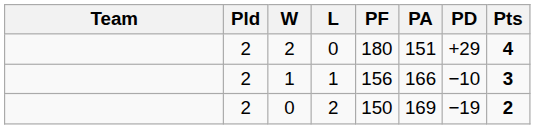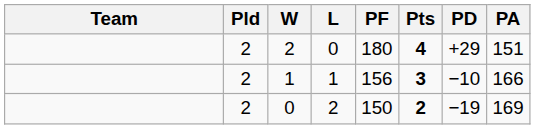 <table class=wikitable style="text-align:center">
 <tr>
 <th width=180>Team</th>
 <th width=30>Pld</th>
 <th width=30>W</th>
 <th width=30>L</th>
 <th width=30>PF</th>
+<th width=30>Pts</th>
+<th width=30>PD</th>
 <th width=30>PA</th>
-<th width=30>PD</th>
-<th width=30>Pts</th>
 </tr>
 <tr align=center>
 <td align=left></td>
 <td>2</td>
 <td>2</td>
 <td>0</td>
 <td>180</td>
+<td><strong>4</strong></td>
+<td>+29</td>
 <td>151</td>
-<td>+29</td>
-<td><strong>4</strong></td>
 </tr>
 <tr align=center>
 <td align=left></td>
 <td>2</td>
 <td>1</td>
 <td>1</td>
 <td>156</td>
+<td><strong>3</strong></td>
+<td>−10</td>
 <td>166</td>
-<td>−10</td>
-<td><strong>3</strong></td>
 </tr>
 <tr align=center>
 <td align=left></td>
 <td>2</td>
 <td>0</td>
 <td>2</td>
 <td>150</td>
+<td><strong>2</strong></td>
+<td>−19</td>
 <td>169</td>
-<td>−19</td>
-<td><strong>2</strong></td>
 </tr>
 </table>
